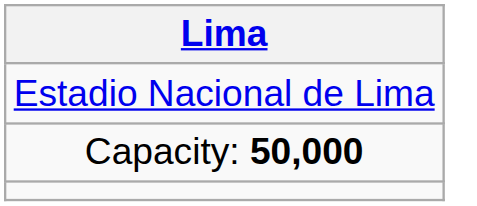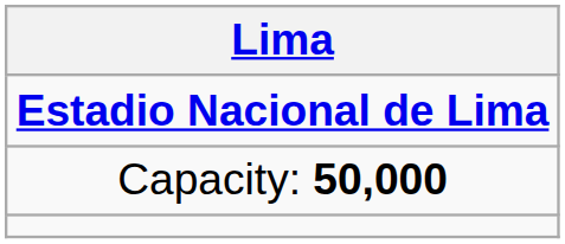 <table class="wikitable" style="text-align:center">
 <tr>
 <th><a href='#'>Lima</a></th>
 </tr>
 <tr>
-<td><a href='#'>Estadio Nacional de Lima</a></td>
+<td><strong><a href='#'>Estadio Nacional de Lima</a></strong></td>
 </tr>
 <tr>
 <td>Capacity: <strong>50,000</strong></td>
 </tr>
 <tr>
 <td></td>
 </tr>
 </table>
